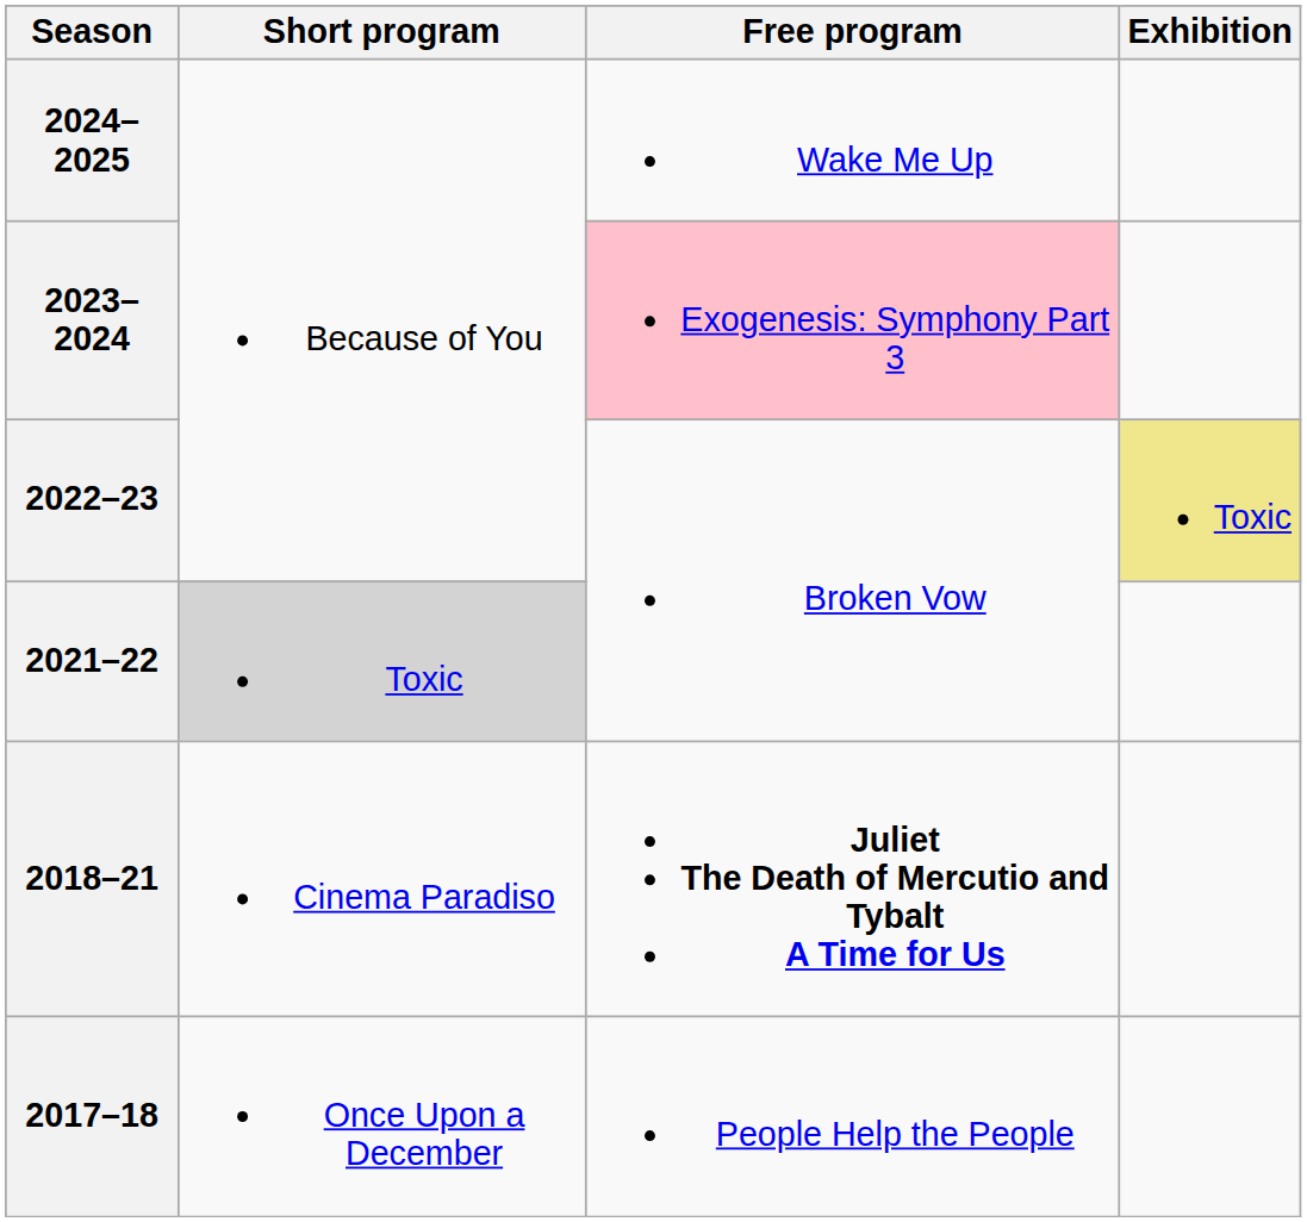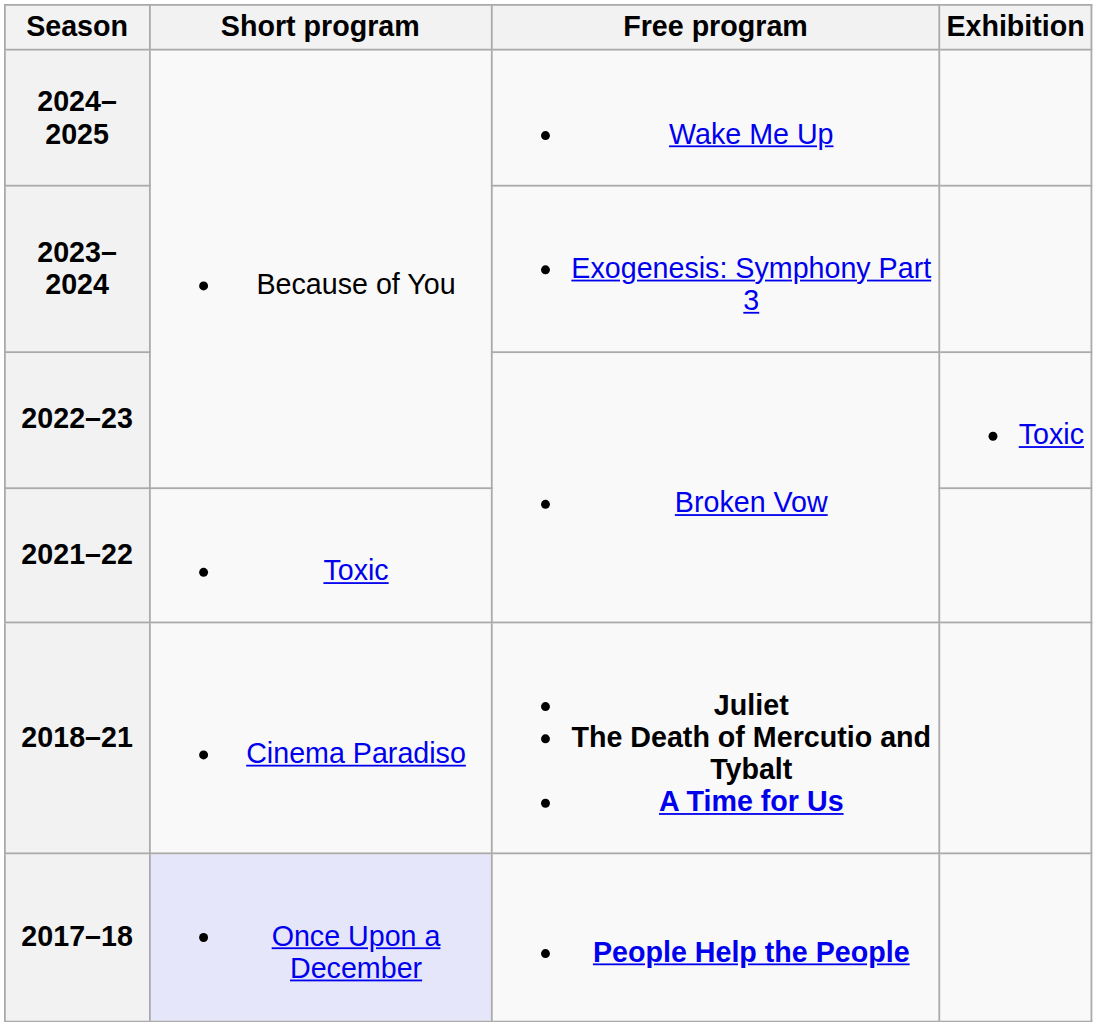 <table class="wikitable" style="text-align:center">
 <tr>
 <th>Season</th>
 <th>Short program</th>
 <th>Free program</th>
 <th>Exhibition</th>
 </tr>
 <tr>
 <th>2024–2025 <br> </th>
 <td rowspan=3><br><ul><li>Because of You <br> </li></ul></td>
 <td><br><ul><li><a href='#'>Wake Me Up</a> <br> </li></ul></td>
 <td></td>
 </tr>
 <tr>
 <th>2023–2024 <br> </th>
-<td style="background: pink;"><br><ul><li><a href='#'>Exogenesis: Symphony Part 3</a> <br></li></ul></td>
+<td><br><ul><li><a href='#'>Exogenesis: Symphony Part 3</a> <br></li></ul></td>
 </tr>
 <tr>
 <th>2022–23 <br> </th>
 <td rowspan=2><br><ul><li><a href='#'>Broken Vow</a> <br> </li></ul></td>
-<td style="background: khaki;"><br><ul><li><a href='#'>Toxic</a> <br> </li></ul></td>
+<td><br><ul><li><a href='#'>Toxic</a> <br> </li></ul></td>
 </tr>
 <tr>
 <th>2021–22 <br> </th>
-<td style="background: lightgrey;"><br><ul><li><a href='#'>Toxic</a> <br> </li></ul></td>
+<td><br><ul><li><a href='#'>Toxic</a> <br> </li></ul></td>
 </tr>
 <tr>
 <th>2018–21 <br> </th>
 <td><br><ul><li><a href='#'>Cinema Paradiso</a> <br> </li></ul></td>
 <td><strong><br><ul><li>Juliet</li><li>The Death of Mercutio and Tybalt</li><li><a href='#'>A Time for Us</a> <br> </li></ul></strong></td>
 <td></td>
 </tr>
 <tr>
 <th>2017–18<br> </th>
-<td><br><ul><li><a href='#'>Once Upon a December</a> <br> </li></ul></td>
-<td><br><ul><li><a href='#'>People Help the People</a> <br> </li></ul></td>
+<td style="background: lavender;"><br><ul><li><a href='#'>Once Upon a December</a> <br> </li></ul></td>
+<td><strong><br><ul><li><a href='#'>People Help the People</a> <br> </li></ul></strong></td>
 <td></td>
 </tr>
 </table>
